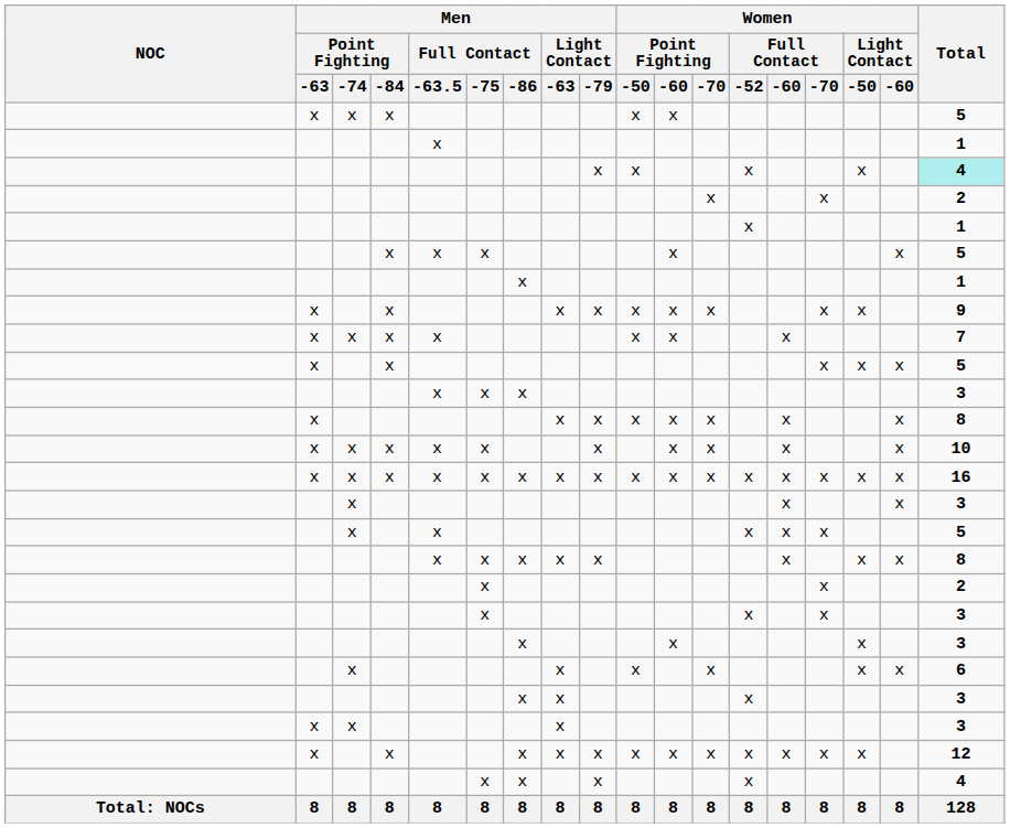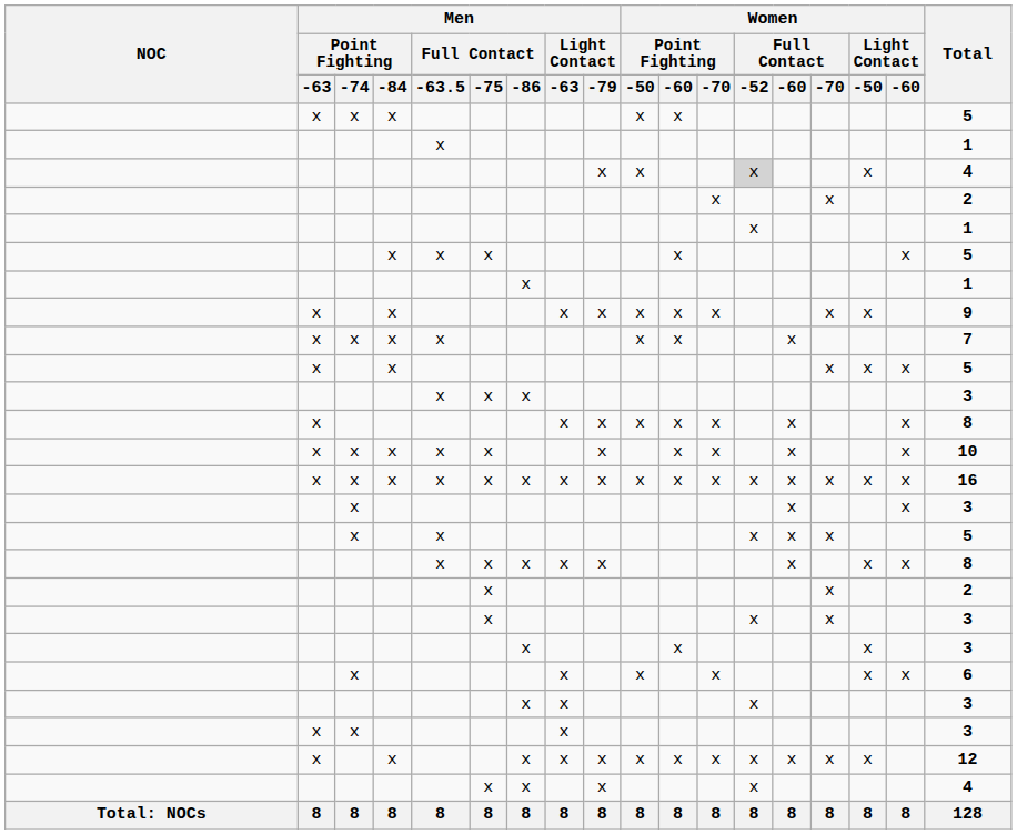 <table class="wikitable" style="text-align:center; font-size:90%">
 <tr>
 <th rowspan="3" style="width:200px; text-align:center;">NOC</th>
 <th colspan=8>Men</th>
 <th colspan=8>Women</th>
 <th rowspan="3" style="width:55px;">Total</th>
 </tr>
 <tr style="font-size:95%">
 <th colspan="3" style="width:45px;">Point Fighting</th>
 <th colspan="3" style="width:45px;">Full Contact</th>
 <th colspan="2" style="width:45px;">Light Contact</th>
 <th colspan="3" style="width:45px;">Point Fighting</th>
 <th colspan="3" style="width:45px;">Full Contact</th>
 <th colspan="2" style="width:45px;">Light Contact</th>
 </tr>
 <tr>
 <th>-63</th>
 <th>-74</th>
 <th>-84</th>
 <th>-63.5</th>
 <th>-75</th>
 <th>-86</th>
 <th>-63</th>
 <th>-79</th>
 <th>-50</th>
 <th>-60</th>
 <th>-70</th>
 <th>-52</th>
 <th>-60</th>
 <th>-70</th>
 <th>-50</th>
 <th>-60</th>
 </tr>
 <tr>
 <td align="left"></td>
 <td>x</td>
 <td>x</td>
 <td>x</td>
 <td></td>
 <td></td>
 <td></td>
 <td></td>
 <td></td>
 <td>x</td>
 <td>x</td>
 <td></td>
 <td></td>
 <td></td>
 <td></td>
 <td></td>
 <td></td>
 <td><strong>5</strong></td>
 </tr>
 <tr>
 <td align="left"></td>
 <td></td>
 <td></td>
 <td></td>
 <td>x</td>
 <td></td>
 <td></td>
 <td></td>
 <td></td>
 <td></td>
 <td></td>
 <td></td>
 <td></td>
 <td></td>
 <td></td>
 <td></td>
 <td></td>
 <td><strong>1</strong></td>
 </tr>
 <tr>
 <td align="left"></td>
 <td></td>
 <td></td>
 <td></td>
 <td></td>
 <td></td>
 <td></td>
 <td></td>
 <td>x</td>
 <td>x</td>
 <td></td>
 <td></td>
-<td>x</td>
+<td style="background: lightgrey;">x</td>
 <td></td>
 <td></td>
 <td>x</td>
 <td></td>
-<td style="background: paleturquoise;"><strong>4</strong></td>
+<td><strong>4</strong></td>
 </tr>
 <tr>
 <td align="left"></td>
 <td></td>
 <td></td>
 <td></td>
 <td></td>
 <td></td>
 <td></td>
 <td></td>
 <td></td>
 <td></td>
 <td></td>
 <td>x</td>
 <td></td>
 <td></td>
 <td>x</td>
 <td></td>
 <td></td>
 <td><strong>2</strong></td>
 </tr>
 <tr>
 <td align="left"></td>
 <td></td>
 <td></td>
 <td></td>
 <td></td>
 <td></td>
 <td></td>
 <td></td>
 <td></td>
 <td></td>
 <td></td>
 <td></td>
 <td>x</td>
 <td></td>
 <td></td>
 <td></td>
 <td></td>
 <td><strong>1</strong></td>
 </tr>
 <tr>
 <td align="left"></td>
 <td></td>
 <td></td>
 <td>x</td>
 <td>x</td>
 <td>x</td>
 <td></td>
 <td></td>
 <td></td>
 <td></td>
 <td>x</td>
 <td></td>
 <td></td>
 <td></td>
 <td></td>
 <td></td>
 <td>x</td>
 <td><strong>5</strong></td>
 </tr>
 <tr>
 <td align="left"></td>
 <td></td>
 <td></td>
 <td></td>
 <td></td>
 <td></td>
 <td>x</td>
 <td></td>
 <td></td>
 <td></td>
 <td></td>
 <td></td>
 <td></td>
 <td></td>
 <td></td>
 <td></td>
 <td></td>
 <td><strong>1</strong></td>
 </tr>
 <tr>
 <td align="left"></td>
 <td>x</td>
 <td></td>
 <td>x</td>
 <td></td>
 <td></td>
 <td></td>
 <td>x</td>
 <td>x</td>
 <td>x</td>
 <td>x</td>
 <td>x</td>
 <td></td>
 <td></td>
 <td>x</td>
 <td>x</td>
 <td></td>
 <td><strong>9</strong></td>
 </tr>
 <tr>
 <td align="left"></td>
 <td>x</td>
 <td>x</td>
 <td>x</td>
 <td>x</td>
 <td></td>
 <td></td>
 <td></td>
 <td></td>
 <td>x</td>
 <td>x</td>
 <td></td>
 <td></td>
 <td>x</td>
 <td></td>
 <td></td>
 <td></td>
 <td><strong>7</strong></td>
 </tr>
 <tr>
 <td align="left"></td>
 <td>x</td>
 <td></td>
 <td>x</td>
 <td></td>
 <td></td>
 <td></td>
 <td></td>
 <td></td>
 <td></td>
 <td></td>
 <td></td>
 <td></td>
 <td></td>
 <td>x</td>
 <td>x</td>
 <td>x</td>
 <td><strong>5</strong></td>
 </tr>
 <tr>
 <td align="left"></td>
 <td></td>
 <td></td>
 <td></td>
 <td>x</td>
 <td>x</td>
 <td>x</td>
 <td></td>
 <td></td>
 <td></td>
 <td></td>
 <td></td>
 <td></td>
 <td></td>
 <td></td>
 <td></td>
 <td></td>
 <td><strong>3</strong></td>
 </tr>
 <tr>
 <td align="left"></td>
 <td>x</td>
 <td></td>
 <td></td>
 <td></td>
 <td></td>
 <td></td>
 <td>x</td>
 <td>x</td>
 <td>x</td>
 <td>x</td>
 <td>x</td>
 <td></td>
 <td>x</td>
 <td></td>
 <td></td>
 <td>x</td>
 <td><strong>8</strong></td>
 </tr>
 <tr>
 <td align="left"></td>
 <td>x</td>
 <td>x</td>
 <td>x</td>
 <td>x</td>
 <td>x</td>
 <td></td>
 <td></td>
 <td>x</td>
 <td></td>
 <td>x</td>
 <td>x</td>
 <td></td>
 <td>x</td>
 <td></td>
 <td></td>
 <td>x</td>
 <td><strong>10</strong></td>
 </tr>
 <tr>
 <td align="left"></td>
 <td>x</td>
 <td>x</td>
 <td>x</td>
 <td>x</td>
 <td>x</td>
 <td>x</td>
 <td>x</td>
 <td>x</td>
 <td>x</td>
 <td>x</td>
 <td>x</td>
 <td>x</td>
 <td>x</td>
 <td>x</td>
 <td>x</td>
 <td>x</td>
 <td><strong>16</strong></td>
 </tr>
 <tr>
 <td align="left"></td>
 <td></td>
 <td>x</td>
 <td></td>
 <td></td>
 <td></td>
 <td></td>
 <td></td>
 <td></td>
 <td></td>
 <td></td>
 <td></td>
 <td></td>
 <td>x</td>
 <td></td>
 <td></td>
 <td>x</td>
 <td><strong>3</strong></td>
 </tr>
 <tr>
 <td align="left"></td>
 <td></td>
 <td>x</td>
 <td></td>
 <td>x</td>
 <td></td>
 <td></td>
 <td></td>
 <td></td>
 <td></td>
 <td></td>
 <td></td>
 <td>x</td>
 <td>x</td>
 <td>x</td>
 <td></td>
 <td></td>
 <td><strong>5</strong></td>
 </tr>
 <tr>
 <td align="left"></td>
 <td></td>
 <td></td>
 <td></td>
 <td>x</td>
 <td>x</td>
 <td>x</td>
 <td>x</td>
 <td>x</td>
 <td></td>
 <td></td>
 <td></td>
 <td></td>
 <td>x</td>
 <td></td>
 <td>x</td>
 <td>x</td>
 <td><strong>8</strong></td>
 </tr>
 <tr>
 <td align="left"></td>
 <td></td>
 <td></td>
 <td></td>
 <td></td>
 <td>x</td>
 <td></td>
 <td></td>
 <td></td>
 <td></td>
 <td></td>
 <td></td>
 <td></td>
 <td></td>
 <td>x</td>
 <td></td>
 <td></td>
 <td><strong>2</strong></td>
 </tr>
 <tr>
 <td align="left"></td>
 <td></td>
 <td></td>
 <td></td>
 <td></td>
 <td>x</td>
 <td></td>
 <td></td>
 <td></td>
 <td></td>
 <td></td>
 <td></td>
 <td>x</td>
 <td></td>
 <td>x</td>
 <td></td>
 <td></td>
 <td><strong>3</strong></td>
 </tr>
 <tr>
 <td align="left"></td>
 <td></td>
 <td></td>
 <td></td>
 <td></td>
 <td></td>
 <td>x</td>
 <td></td>
 <td></td>
 <td></td>
 <td>x</td>
 <td></td>
 <td></td>
 <td></td>
 <td></td>
 <td>x</td>
 <td></td>
 <td><strong>3</strong></td>
 </tr>
 <tr>
 <td align="left"></td>
 <td></td>
 <td>x</td>
 <td></td>
 <td></td>
 <td></td>
 <td></td>
 <td>x</td>
 <td></td>
 <td>x</td>
 <td></td>
 <td>x</td>
 <td></td>
 <td></td>
 <td></td>
 <td>x</td>
 <td>x</td>
 <td><strong>6</strong></td>
 </tr>
 <tr>
 <td align="left"></td>
 <td></td>
 <td></td>
 <td></td>
 <td></td>
 <td></td>
 <td>x</td>
 <td>x</td>
 <td></td>
 <td></td>
 <td></td>
 <td></td>
 <td>x</td>
 <td></td>
 <td></td>
 <td></td>
 <td></td>
 <td><strong>3</strong></td>
 </tr>
 <tr>
 <td align="left"></td>
 <td>x</td>
 <td>x</td>
 <td></td>
 <td></td>
 <td></td>
 <td></td>
 <td>x</td>
 <td></td>
 <td></td>
 <td></td>
 <td></td>
 <td></td>
 <td></td>
 <td></td>
 <td></td>
 <td></td>
 <td><strong>3</strong></td>
 </tr>
 <tr>
 <td align="left"></td>
 <td>x</td>
 <td></td>
 <td>x</td>
 <td></td>
 <td></td>
 <td>x</td>
 <td>x</td>
 <td>x</td>
 <td>x</td>
 <td>x</td>
 <td>x</td>
 <td>x</td>
 <td>x</td>
 <td>x</td>
 <td>x</td>
 <td></td>
 <td><strong>12</strong></td>
 </tr>
 <tr>
 <td align="left"></td>
 <td></td>
 <td></td>
 <td></td>
 <td></td>
 <td>x</td>
 <td>x</td>
 <td></td>
 <td>x</td>
 <td></td>
 <td></td>
 <td></td>
 <td>x</td>
 <td></td>
 <td></td>
 <td></td>
 <td></td>
 <td><strong>4</strong></td>
 </tr>
 <tr>
 <th>Total:    NOCs</th>
 <th>8</th>
 <th><strong>8</strong></th>
 <th>8</th>
 <th>8</th>
 <th>8</th>
 <th>8</th>
 <th>8</th>
 <th>8</th>
 <th>8</th>
 <th>8</th>
 <th>8</th>
 <th>8</th>
 <th>8</th>
 <th>8</th>
 <th>8</th>
 <th>8</th>
 <th>128</th>
 </tr>
 </table>
